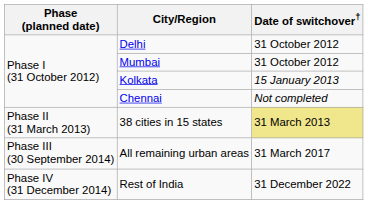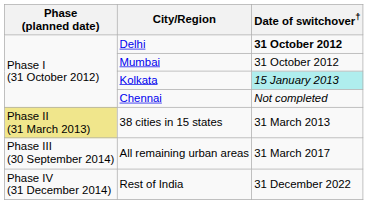 <table class="wikitable">
 <tr>
 <th>Phase<br>(planned date)</th>
 <th>City/Region</th>
 <th>Date of switchover<sup>†</sup></th>
 </tr>
 <tr>
 <td rowspan="4">Phase I<br>(31 October 2012)</td>
 <td><a href='#'>Delhi</a></td>
-<td>31 October 2012</td>
+<td><strong>31 October 2012</strong></td>
 </tr>
 <tr>
 <td><a href='#'>Mumbai</a></td>
 <td>31 October 2012</td>
 </tr>
 <tr>
 <td><a href='#'>Kolkata</a></td>
-<td><em>15 January 2013</em></td>
+<td style="background: paleturquoise;"><em>15 January 2013</em></td>
 </tr>
 <tr>
 <td><a href='#'>Chennai</a></td>
 <td><em>Not completed</em></td>
 </tr>
 <tr>
-<td>Phase II<br>(31 March 2013)</td>
+<td style="background: khaki;">Phase II<br>(31 March 2013)</td>
 <td>38 cities in 15 states</td>
-<td style="background: khaki;">31 March 2013</td>
+<td>31 March 2013</td>
 </tr>
 <tr>
 <td>Phase III<br>(30 September 2014)</td>
 <td>All remaining urban areas</td>
 <td>31 March 2017</td>
 </tr>
 <tr>
 <td>Phase IV<br>(31 December 2014)</td>
 <td>Rest of India</td>
 <td>31 December 2022</td>
 </tr>
 </table>
